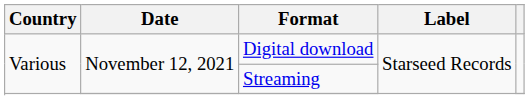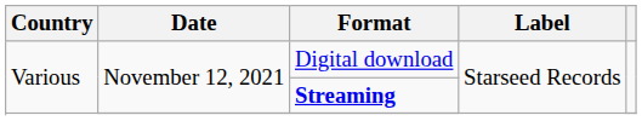 <table class="wikitable">
 <tr>
 <th>Country</th>
 <th>Date</th>
 <th>Format</th>
 <th>Label</th>
 <th></th>
 </tr>
 <tr>
 <td rowspan="3">Various</td>
 <td rowspan="2">November 12, 2021</td>
 <td><a href='#'>Digital download</a></td>
 <td rowspan="3">Starseed Records</td>
 <td rowspan="2"></td>
 </tr>
 <tr>
-<td><a href='#'>Streaming</a></td>
+<td><strong><a href='#'>Streaming</a></strong></td>
 </tr>
 <tr>
 </tr>
 </table>
